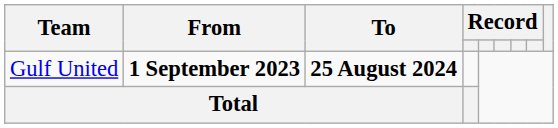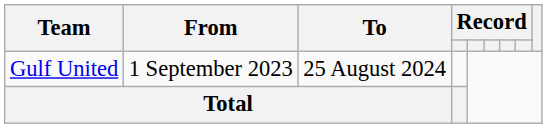 <table class="wikitable" style="text-align: center">
 <tr>
 <th rowspan="2">Team</th>
 <th rowspan="2">From</th>
 <th rowspan="2">To</th>
 <th colspan="5">Record</th>
 <th rowspan="2"></th>
 </tr>
 <tr>
 <th></th>
 <th></th>
 <th></th>
 <th></th>
 <th></th>
 </tr>
 <tr>
 <td align="left"><a href='#'>Gulf United</a></td>
-<td align="left"><strong>1 September 2023</strong></td>
-<td align="left"><strong>25 August 2024<br></strong></td>
+<td align="left">1 September 2023</td>
+<td align="left">25 August 2024<br></td>
 <td></td>
 </tr>
 <tr>
 <th colspan="3">Total<br></th>
 <th></th>
 </tr>
 </table>
